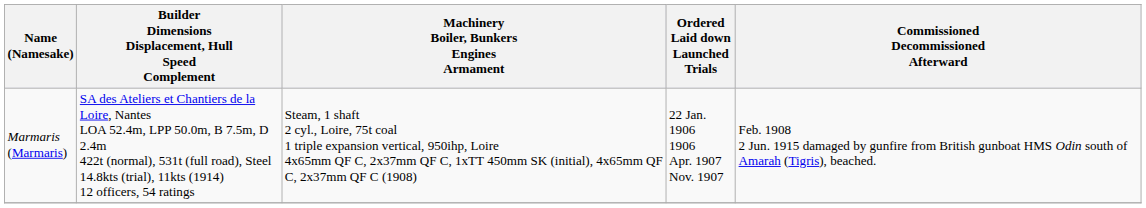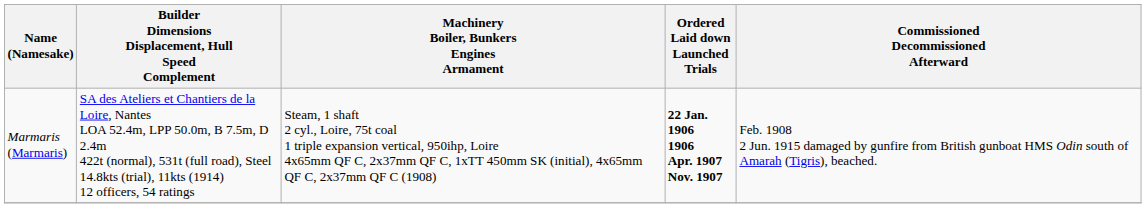 <table class="wikitable" style="font-size:90%;">
 <tr bgcolor="#e6e9ff">
 <th>Name<br>(Namesake)</th>
 <th>Builder<br>Dimensions<br>Displacement, Hull<br>Speed<br>Complement</th>
 <th>Machinery<br>Boiler, Bunkers<br>Engines<br>Armament</th>
 <th>Ordered<br>Laid down<br>Launched<br>Trials</th>
 <th>Commissioned<br>Decommissioned<br>Afterward</th>
 </tr>
 <tr ---->
 <td><em>Marmaris</em><br>(<a href='#'>Marmaris</a>)</td>
 <td> <a href='#'>SA des Ateliers et Chantiers de la Loire</a>, Nantes<br>LOA 52.4m, LPP 50.0m, B 7.5m, D 2.4m<br>422t (normal), 531t (full road), Steel<br>14.8kts (trial), 11kts (1914)<br>12 officers, 54 ratings</td>
 <td>Steam, 1 shaft<br>2 cyl., Loire, 75t coal<br>1 triple expansion vertical, 950ihp, Loire<br>4x65mm QF C, 2x37mm QF C, 1xTT 450mm SK (initial), 4x65mm QF C, 2x37mm QF C (1908)</td>
-<td>22 Jan. 1906<br>1906<br>Apr. 1907<br>Nov. 1907</td>
+<td><strong>22 Jan. 1906<br>1906<br>Apr. 1907<br>Nov. 1907</strong></td>
 <td>Feb. 1908<br>2 Jun. 1915 damaged by gunfire from British gunboat HMS <em>Odin</em> south of <a href='#'>Amarah</a> (<a href='#'>Tigris</a>), beached.</td>
 </tr>
 <tr ---->
 </tr>
 </table>
